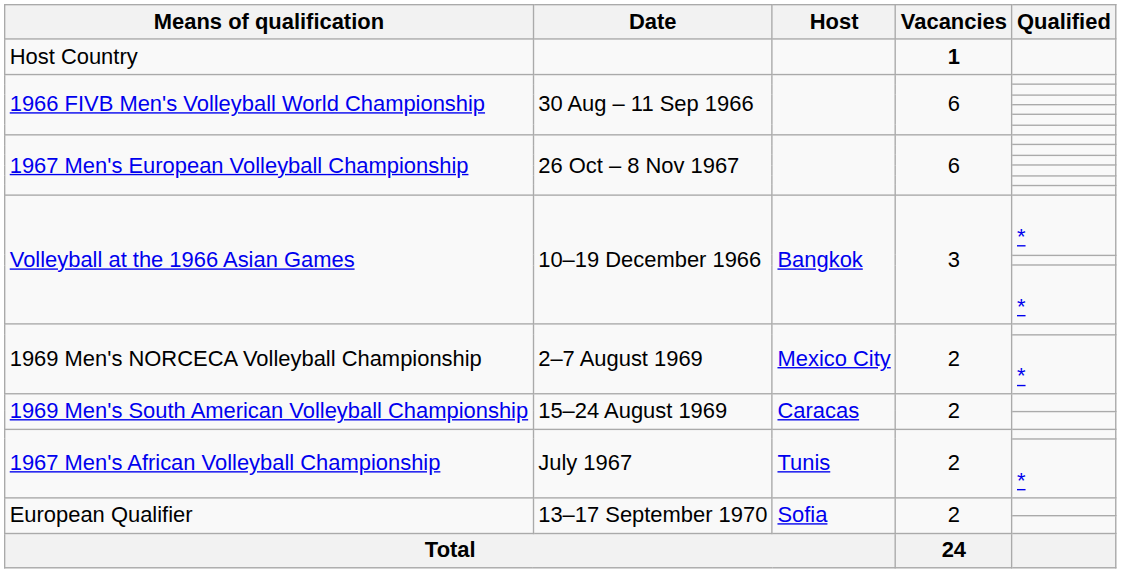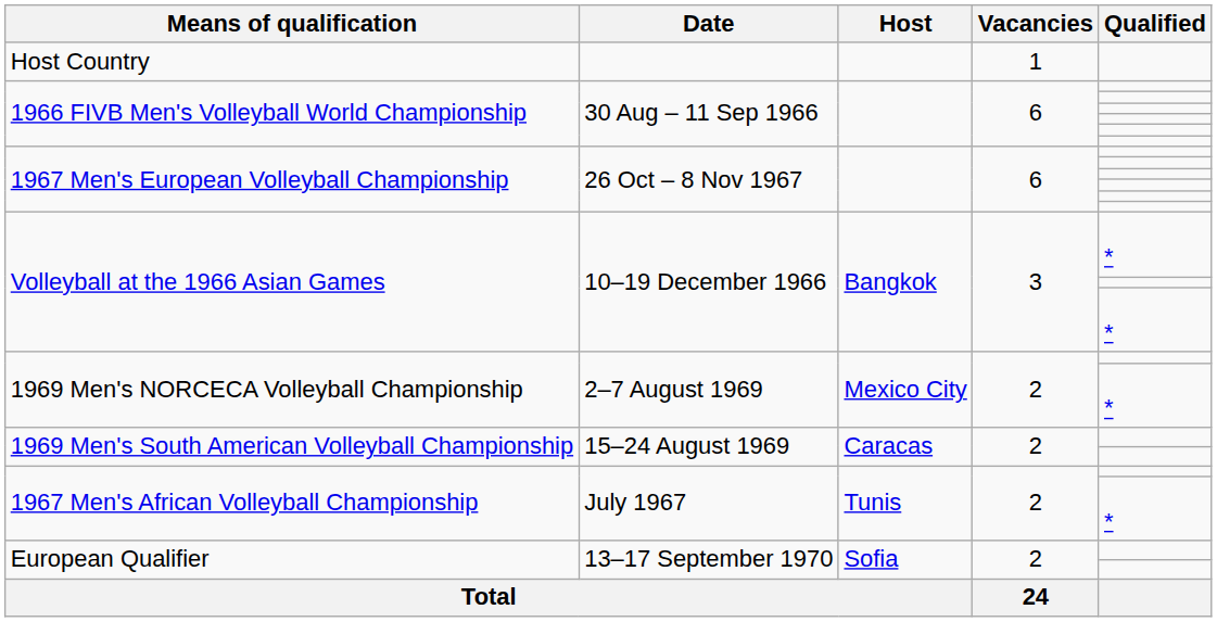 <table class="wikitable">
 <tr>
 <th>Means of qualification</th>
 <th>Date</th>
 <th>Host</th>
 <th>Vacancies</th>
 <th>Qualified</th>
 </tr>
 <tr>
 <td>Host Country</td>
 <td></td>
 <td></td>
-<td align=center><strong>1</strong></td>
+<td align=center>1</td>
 <td></td>
 </tr>
 <tr>
 <td rowspan=6><a href='#'>1966 FIVB Men's Volleyball World Championship</a></td>
 <td rowspan=6>30 Aug – 11 Sep 1966</td>
 <td rowspan=6></td>
 <td rowspan=6 align=center>6</td>
 <td></td>
 </tr>
 <tr>
 <td></td>
 </tr>
 <tr>
 <td></td>
 </tr>
 <tr>
 <td></td>
 </tr>
 <tr>
 <td></td>
 </tr>
 <tr>
 <td></td>
 </tr>
 <tr>
 <td rowspan=6><a href='#'>1967 Men's European Volleyball Championship</a></td>
 <td rowspan=6>26 Oct – 8 Nov 1967</td>
 <td rowspan=6></td>
 <td rowspan=6 align=center>6</td>
 <td></td>
 </tr>
 <tr>
 <td></td>
 </tr>
 <tr>
 <td></td>
 </tr>
 <tr>
 <td></td>
 </tr>
 <tr>
 <td></td>
 </tr>
 <tr>
 <td></td>
 </tr>
 <tr>
 <td rowspan=3><a href='#'>Volleyball at the 1966 Asian Games</a></td>
 <td rowspan=3>10–19 December 1966</td>
 <td rowspan=3> <a href='#'>Bangkok</a></td>
 <td rowspan=3 align=center>3</td>
 <td><s></s><br><a href='#'>*</a></td>
 </tr>
 <tr>
 <td></td>
 </tr>
 <tr>
 <td><s></s><br><a href='#'>*</a></td>
 </tr>
 <tr>
 <td rowspan=2>1969 Men's NORCECA Volleyball Championship</td>
 <td rowspan=2>2–7 August 1969</td>
 <td rowspan=2> <a href='#'>Mexico City</a></td>
 <td rowspan=2 align=center>2</td>
 <td></td>
 </tr>
 <tr>
 <td><s></s><br><a href='#'>*</a></td>
 </tr>
 <tr>
 <td rowspan=2><a href='#'>1969 Men's South American Volleyball Championship</a></td>
 <td rowspan=2>15–24 August 1969</td>
 <td rowspan=2> <a href='#'>Caracas</a></td>
 <td rowspan=2 align=center>2</td>
 <td></td>
 </tr>
 <tr>
 <td></td>
 </tr>
 <tr>
 <td rowspan=2><a href='#'>1967 Men's African Volleyball Championship</a></td>
 <td rowspan=2>July 1967</td>
 <td rowspan=2> <a href='#'>Tunis</a></td>
 <td rowspan=2 align=center>2</td>
 <td></td>
 </tr>
 <tr>
 <td><s></s><br><a href='#'>*</a></td>
 </tr>
 <tr>
 <td rowspan=2>European Qualifier</td>
 <td rowspan=2>13–17 September 1970</td>
 <td rowspan=2> <a href='#'>Sofia</a></td>
 <td rowspan=2 align=center>2</td>
 <td></td>
 </tr>
 <tr>
 <td></td>
 </tr>
 <tr>
 <th colspan="3">Total</th>
 <th>24</th>
 <th></th>
 </tr>
 </table>
